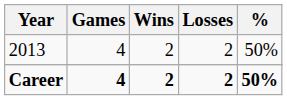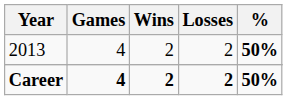 <table class="wikitable sortable" style="font-size:95%; text-align:right;">
 <tr>
 <th>Year</th>
 <th>Games</th>
 <th>Wins</th>
 <th>Losses</th>
 <th>%</th>
 </tr>
 <tr>
 <td style="text-align:left;">2013</td>
 <td>4</td>
 <td>2</td>
 <td>2</td>
-<td>50%</td>
+<td><strong>50%</strong></td>
 </tr>
 <tr>
 </tr>
 <tr class="sortbottom">
 <td style="text-align:center;"><strong>Career</strong></td>
 <td><strong>4</strong></td>
 <td><strong>2</strong></td>
 <td><strong>2</strong></td>
 <td><strong>50%</strong></td>
 </tr>
 </table>
